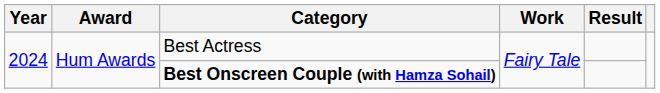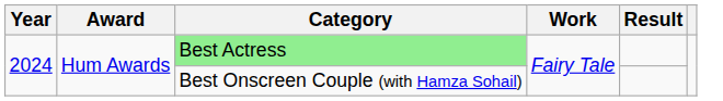 <table class="wikitable plainrowheaders">
 <tr style="text-align:center;">
 <th scope="col">Year</th>
 <th scope="col">Award</th>
 <th scope="col">Category</th>
 <th scope="col">Work</th>
 <th scope="col">Result</th>
 <th></th>
 </tr>
 <tr>
 <td rowspan="2"><a href='#'>2024</a></td>
 <td rowspan="2"><a href='#'>Hum Awards</a></td>
-<td>Best Actress</td>
+<td style="background: lightgreen;">Best Actress</td>
 <td rowspan="2"><em><a href='#'>Fairy Tale</a></em></td>
 <td></td>
 <td rowspan="2"></td>
 </tr>
 <tr>
-<td><strong>Best Onscreen Couple <small>(with <a href='#'>Hamza Sohail</a>)</small></strong></td>
+<td>Best Onscreen Couple <small>(with <a href='#'>Hamza Sohail</a>)</small></td>
 <td></td>
 </tr>
 </table>
